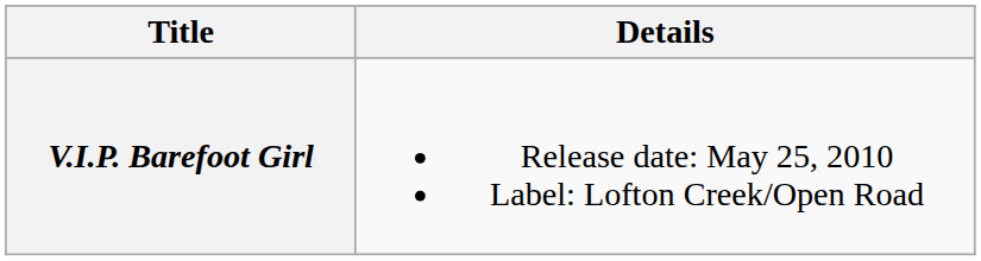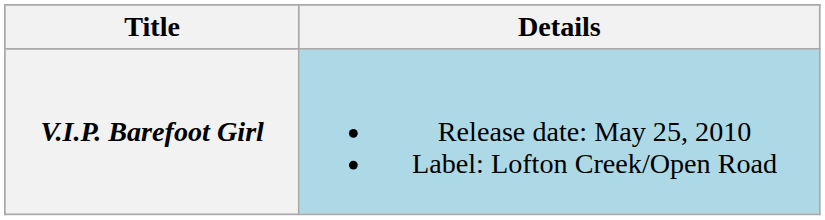 <table class="wikitable plainrowheaders" style="text-align:center">
 <tr>
 <th style="width:10em;">Title</th>
 <th style="width:18em;">Details</th>
 </tr>
 <tr>
 <th scope="row"><em>V.I.P. Barefoot Girl</em></th>
-<td><br><ul><li>Release date: May 25, 2010</li><li>Label: Lofton Creek/Open Road</li></ul></td>
+<td style="background: lightblue;"><br><ul><li>Release date: May 25, 2010</li><li>Label: Lofton Creek/Open Road</li></ul></td>
 </tr>
 </table>
